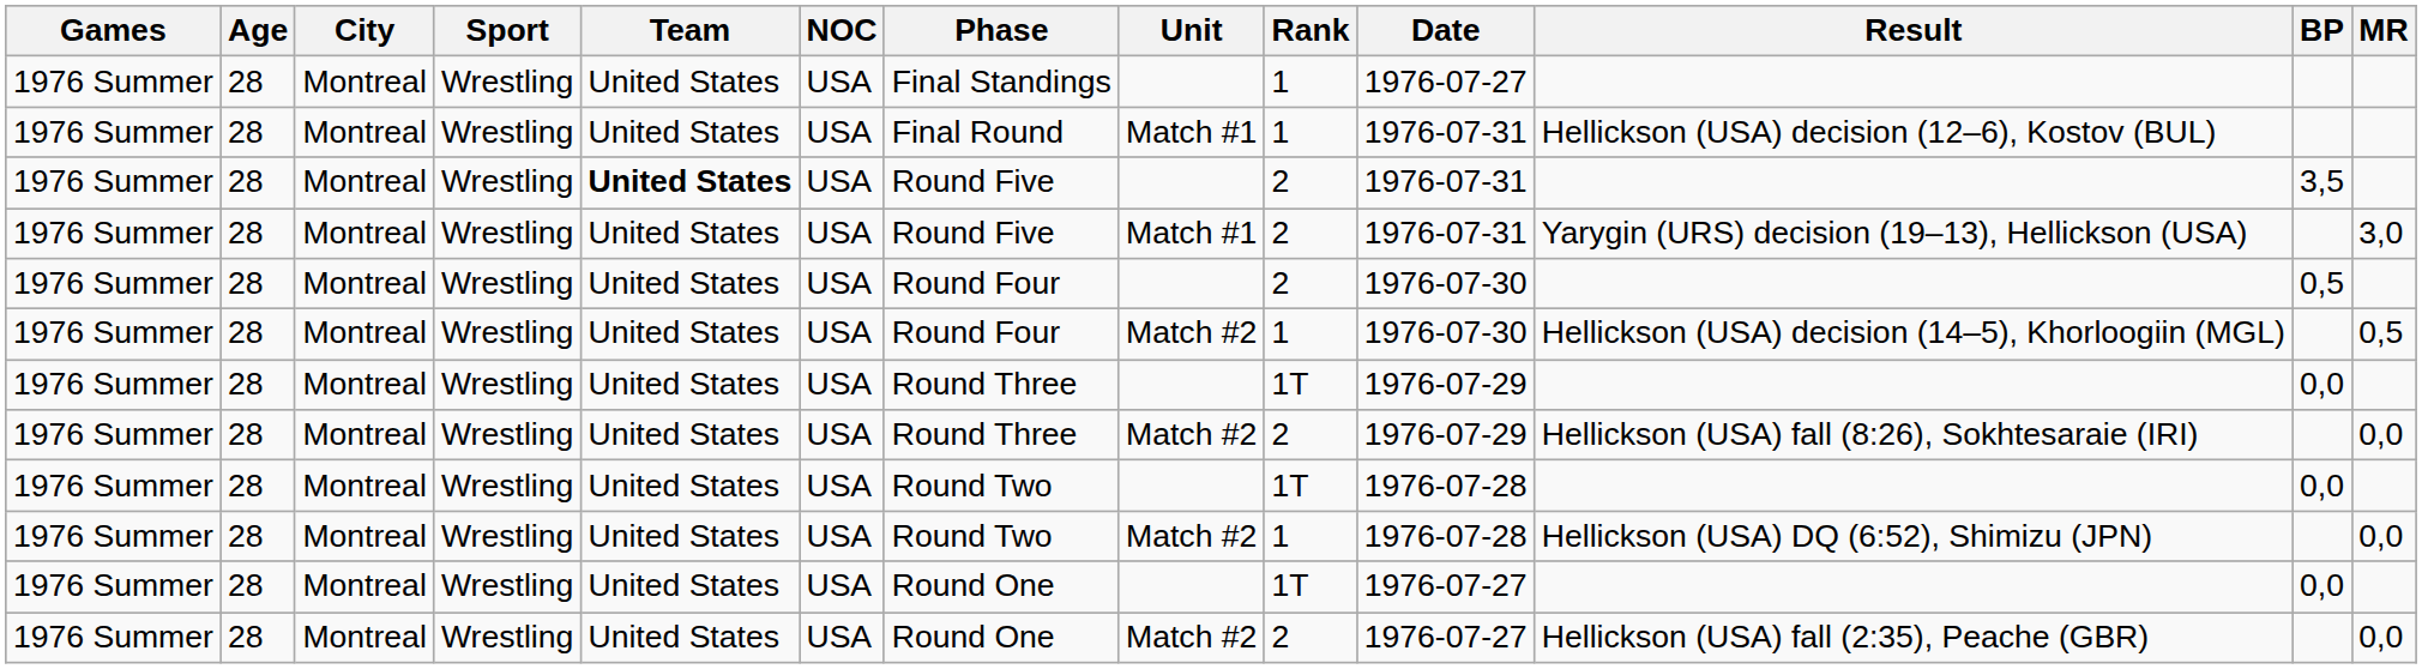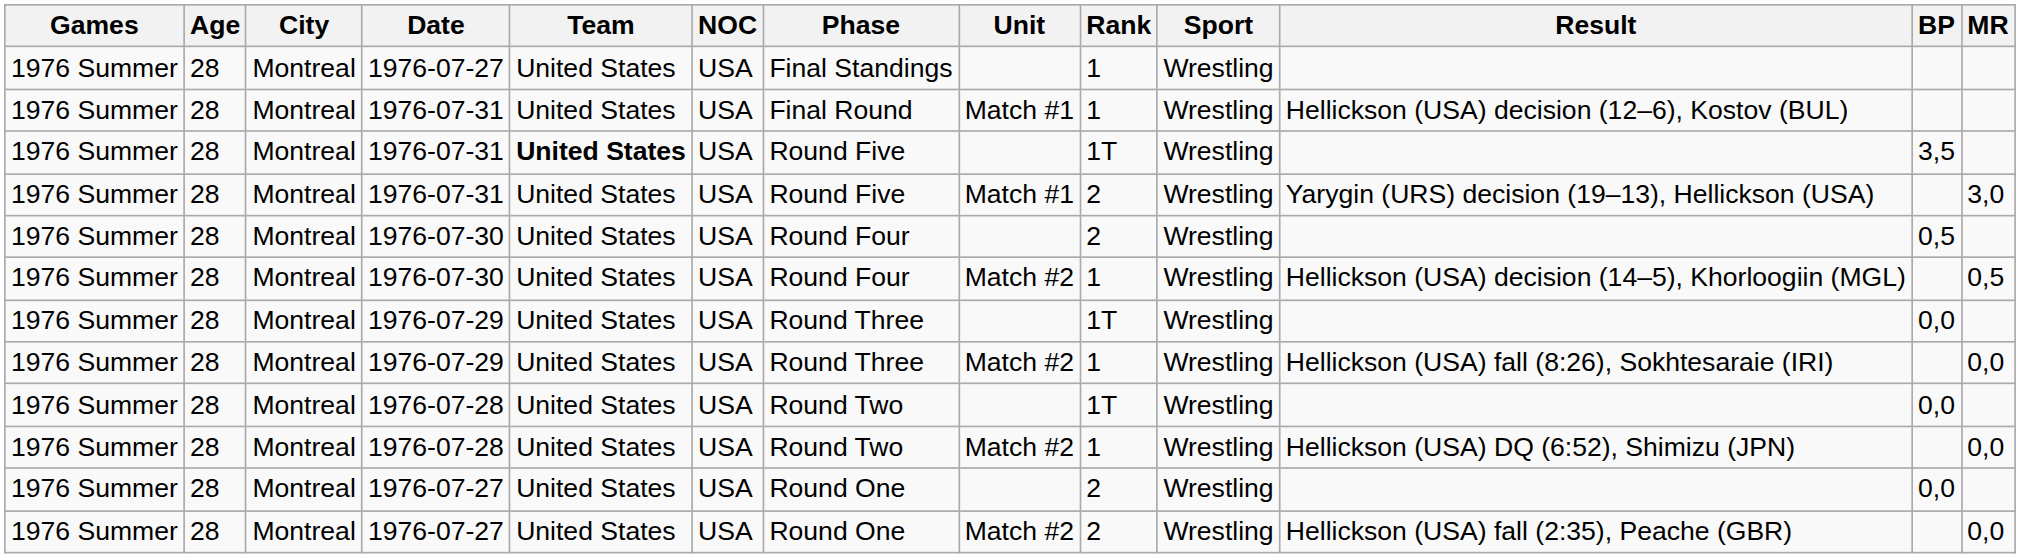 <table class="wikitable sortable">
 <tr>
 <th>Games</th>
 <th>Age</th>
 <th>City</th>
-<th>Sport</th>
+<th>Date</th>
 <th>Team</th>
 <th>NOC</th>
 <th>Phase</th>
 <th>Unit</th>
 <th>Rank</th>
-<th>Date</th>
+<th>Sport</th>
 <th>Result</th>
 <th>BP</th>
 <th>MR</th>
 </tr>
 <tr>
 <td>1976 Summer</td>
 <td>28</td>
 <td>Montreal</td>
-<td>Wrestling</td>
+<td>1976-07-27</td>
 <td>United States</td>
 <td>USA</td>
 <td>Final Standings</td>
 <td></td>
 <td>1</td>
-<td>1976-07-27</td>
+<td>Wrestling</td>
 <td></td>
 <td></td>
 <td></td>
 </tr>
 <tr>
 <td>1976 Summer</td>
 <td>28</td>
 <td>Montreal</td>
-<td>Wrestling</td>
+<td>1976-07-31</td>
 <td>United States</td>
 <td>USA</td>
 <td>Final Round</td>
 <td>Match #1</td>
 <td>1</td>
-<td>1976-07-31</td>
+<td>Wrestling</td>
 <td>Hellickson (USA) decision (12–6), Kostov (BUL)</td>
 <td></td>
 <td></td>
 </tr>
 <tr>
 <td>1976 Summer</td>
 <td>28</td>
 <td>Montreal</td>
-<td>Wrestling</td>
+<td>1976-07-31</td>
 <td><strong>United States</strong></td>
 <td>USA</td>
 <td>Round Five</td>
 <td></td>
-<td>2</td>
-<td>1976-07-31</td>
+<td>1T</td>
+<td>Wrestling</td>
 <td></td>
 <td>3,5</td>
 <td></td>
 </tr>
 <tr>
 <td>1976 Summer</td>
 <td>28</td>
 <td>Montreal</td>
-<td>Wrestling</td>
+<td>1976-07-31</td>
 <td>United States</td>
 <td>USA</td>
 <td>Round Five</td>
 <td>Match #1</td>
 <td>2</td>
-<td>1976-07-31</td>
+<td>Wrestling</td>
 <td>Yarygin (URS) decision (19–13), Hellickson (USA)</td>
 <td></td>
 <td>3,0</td>
 </tr>
 <tr>
 <td>1976 Summer</td>
 <td>28</td>
 <td>Montreal</td>
-<td>Wrestling</td>
+<td>1976-07-30</td>
 <td>United States</td>
 <td>USA</td>
 <td>Round Four</td>
 <td></td>
 <td>2</td>
-<td>1976-07-30</td>
+<td>Wrestling</td>
 <td></td>
 <td>0,5</td>
 <td></td>
 </tr>
 <tr>
 <td>1976 Summer</td>
 <td>28</td>
 <td>Montreal</td>
-<td>Wrestling</td>
+<td>1976-07-30</td>
 <td>United States</td>
 <td>USA</td>
 <td>Round Four</td>
 <td>Match #2</td>
 <td>1</td>
-<td>1976-07-30</td>
+<td>Wrestling</td>
 <td>Hellickson (USA) decision (14–5), Khorloogiin (MGL)</td>
 <td></td>
 <td>0,5</td>
 </tr>
 <tr>
 <td>1976 Summer</td>
 <td>28</td>
 <td>Montreal</td>
-<td>Wrestling</td>
+<td>1976-07-29</td>
 <td>United States</td>
 <td>USA</td>
 <td>Round Three</td>
 <td></td>
 <td>1T</td>
-<td>1976-07-29</td>
+<td>Wrestling</td>
 <td></td>
 <td>0,0</td>
 <td></td>
 </tr>
 <tr>
 <td>1976 Summer</td>
 <td>28</td>
 <td>Montreal</td>
-<td>Wrestling</td>
+<td>1976-07-29</td>
 <td>United States</td>
 <td>USA</td>
 <td>Round Three</td>
 <td>Match #2</td>
-<td>2</td>
-<td>1976-07-29</td>
+<td>1</td>
+<td>Wrestling</td>
 <td>Hellickson (USA) fall (8:26), Sokhtesaraie (IRI)</td>
 <td></td>
 <td>0,0</td>
 </tr>
 <tr>
 <td>1976 Summer</td>
 <td>28</td>
 <td>Montreal</td>
-<td>Wrestling</td>
+<td>1976-07-28</td>
 <td>United States</td>
 <td>USA</td>
 <td>Round Two</td>
 <td></td>
 <td>1T</td>
-<td>1976-07-28</td>
+<td>Wrestling</td>
 <td></td>
 <td>0,0</td>
 <td></td>
 </tr>
 <tr>
 <td>1976 Summer</td>
 <td>28</td>
 <td>Montreal</td>
-<td>Wrestling</td>
+<td>1976-07-28</td>
 <td>United States</td>
 <td>USA</td>
 <td>Round Two</td>
 <td>Match #2</td>
 <td>1</td>
-<td>1976-07-28</td>
+<td>Wrestling</td>
 <td>Hellickson (USA) DQ (6:52), Shimizu (JPN)</td>
 <td></td>
 <td>0,0</td>
 </tr>
 <tr>
 <td>1976 Summer</td>
 <td>28</td>
 <td>Montreal</td>
-<td>Wrestling</td>
+<td>1976-07-27</td>
 <td>United States</td>
 <td>USA</td>
 <td>Round One</td>
 <td></td>
-<td>1T</td>
-<td>1976-07-27</td>
+<td>2</td>
+<td>Wrestling</td>
 <td></td>
 <td>0,0</td>
 <td></td>
 </tr>
 <tr>
 <td>1976 Summer</td>
 <td>28</td>
 <td>Montreal</td>
-<td>Wrestling</td>
+<td>1976-07-27</td>
 <td>United States</td>
 <td>USA</td>
 <td>Round One</td>
 <td>Match #2</td>
 <td>2</td>
-<td>1976-07-27</td>
+<td>Wrestling</td>
 <td>Hellickson (USA) fall (2:35), Peache (GBR)</td>
 <td></td>
 <td>0,0</td>
 </tr>
 </table>
